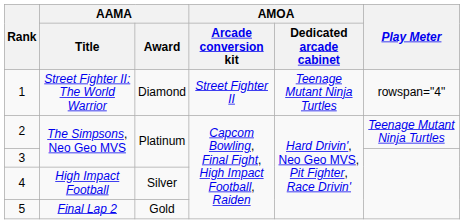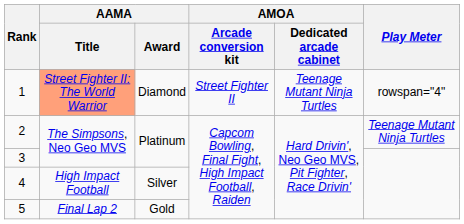 <table class="wikitable" style="text-align:center">
 <tr>
 <th rowspan="2">Rank</th>
 <th colspan="2">AAMA</th>
 <th colspan="2">AMOA</th>
 <th rowspan="2"><em><a href='#'>Play Meter</a></em></th>
 </tr>
 <tr>
 <th>Title</th>
 <th>Award</th>
 <th><a href='#'>Arcade conversion</a> kit</th>
 <th>Dedicated <a href='#'>arcade cabinet</a></th>
 </tr>
 <tr>
 <td>1</td>
-<td><em><a href='#'>Street Fighter II: The World Warrior</a></em></td>
+<td style="background: lightsalmon;"><em><a href='#'>Street Fighter II: The World Warrior</a></em></td>
 <td>Diamond</td>
 <td><em><a href='#'>Street Fighter II</a></em></td>
 <td><em><a href='#'>Teenage Mutant Ninja Turtles</a></em></td>
 <td>rowspan="4" </td>
 </tr>
 <tr>
 <td>2</td>
 <td rowspan="2"><em><a href='#'>The Simpsons</a></em>, <br> <a href='#'>Neo Geo MVS</a></td>
 <td rowspan="2">Platinum</td>
 <td rowspan="4"><em><a href='#'>Capcom Bowling</a></em>, <br> <em><a href='#'>Final Fight</a></em>, <br> <em><a href='#'>High Impact Football</a></em>, <br> <em><a href='#'>Raiden</a></em></td>
 <td rowspan="4"><em><a href='#'>Hard Drivin'</a></em>, <br> <a href='#'>Neo Geo MVS</a>, <br> <em><a href='#'>Pit Fighter</a></em>, <br> <em><a href='#'>Race Drivin'</a></em></td>
 <td><em><a href='#'>Teenage Mutant Ninja Turtles</a></em></td>
 </tr>
 <tr>
 <td>3</td>
 </tr>
 <tr>
 <td>4</td>
 <td><em><a href='#'>High Impact Football</a></em></td>
 <td>Silver</td>
 </tr>
 <tr>
 <td>5</td>
 <td><em><a href='#'>Final Lap 2</a></em></td>
 <td>Gold</td>
 </tr>
 </table>
